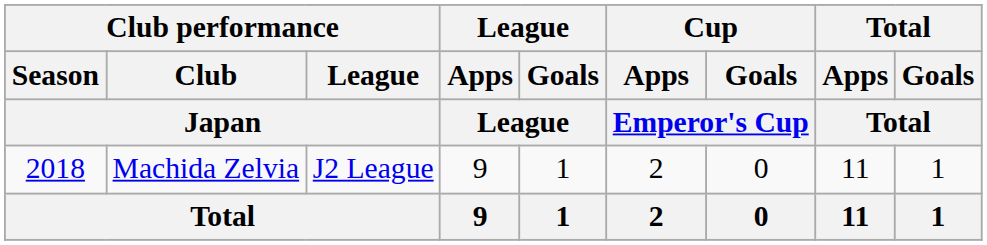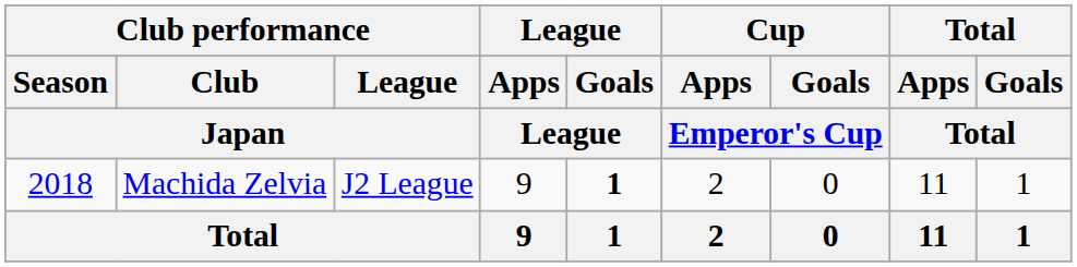 <table class="wikitable" style="text-align:center;">
 <tr>
 <th colspan=3>Club performance</th>
 <th colspan=2>League</th>
 <th colspan=2>Cup</th>
 <th colspan=2>Total</th>
 </tr>
 <tr>
 <th>Season</th>
 <th>Club</th>
 <th>League</th>
 <th>Apps</th>
 <th>Goals</th>
 <th>Apps</th>
 <th>Goals</th>
 <th>Apps</th>
 <th>Goals</th>
 </tr>
 <tr>
 <th colspan=3>Japan</th>
 <th colspan=2>League</th>
 <th colspan=2><a href='#'>Emperor's Cup</a></th>
 <th colspan=2>Total</th>
 </tr>
 <tr>
 <td><a href='#'>2018</a></td>
 <td rowspan="1"><a href='#'>Machida Zelvia</a></td>
 <td rowspan="1"><a href='#'>J2 League</a></td>
 <td>9</td>
-<td>1</td>
+<td><strong>1</strong></td>
 <td>2</td>
 <td>0</td>
 <td>11</td>
 <td>1</td>
 </tr>
 <tr>
 <th colspan=3>Total</th>
 <th>9</th>
 <th>1</th>
 <th>2</th>
 <th>0</th>
 <th>11</th>
 <th>1</th>
 </tr>
 </table>
